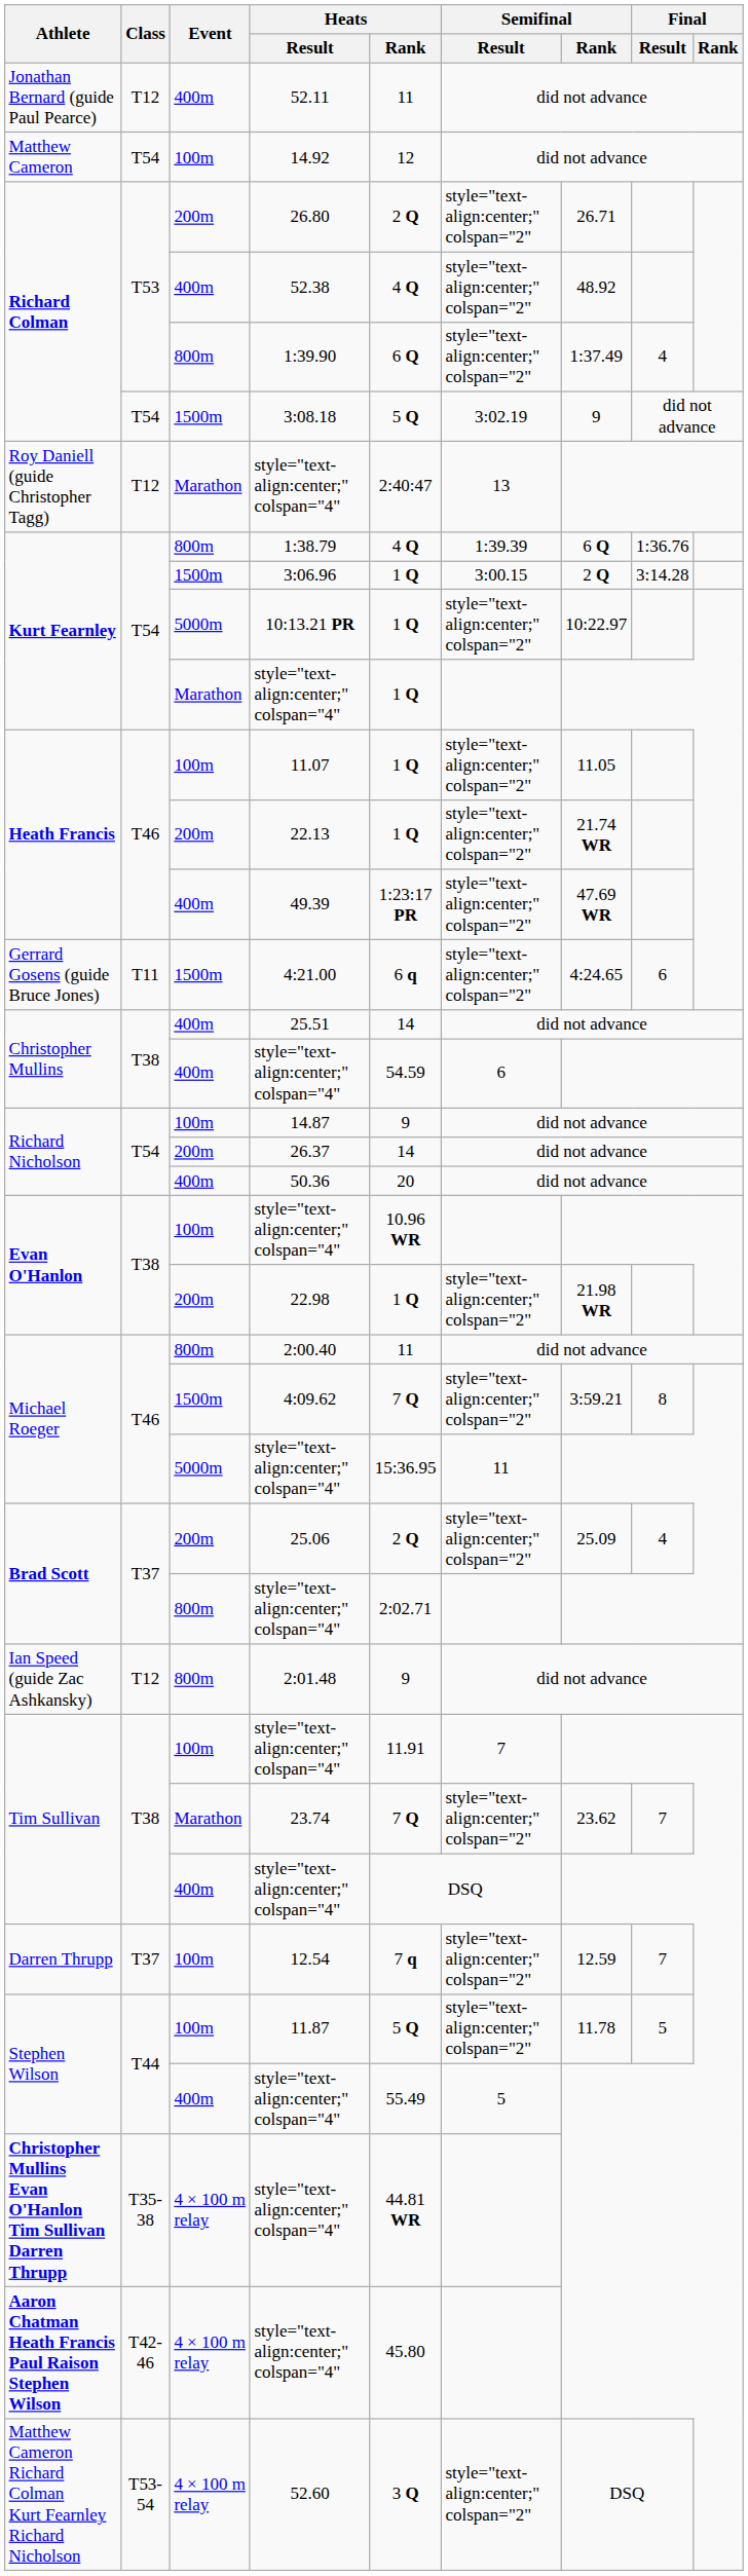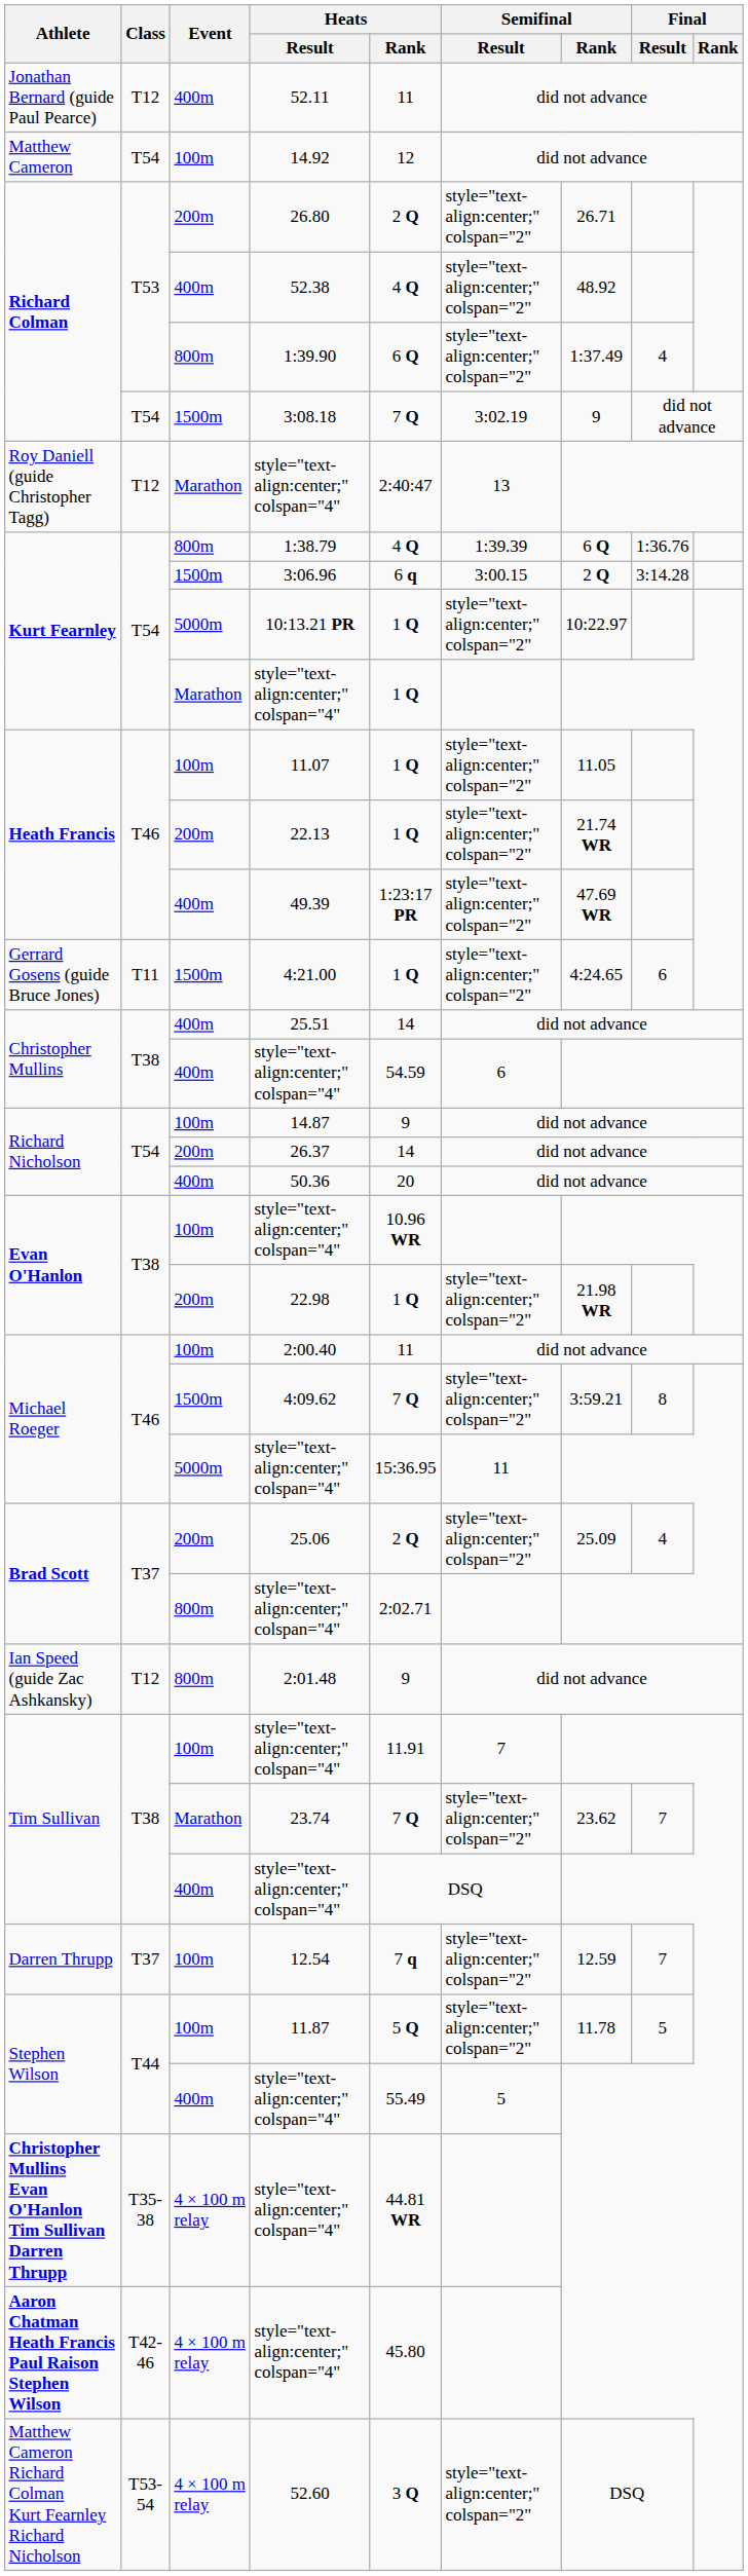 <table class=wikitable style="font-size:90%">
 <tr>
 <th rowspan="2">Athlete</th>
 <th rowspan="2">Class</th>
 <th rowspan="2">Event</th>
 <th colspan="2">Heats</th>
 <th colspan="2">Semifinal</th>
 <th colspan="2">Final</th>
 </tr>
 <tr>
 <th>Result</th>
 <th>Rank</th>
 <th>Result</th>
 <th>Rank</th>
 <th>Result</th>
 <th>Rank</th>
 </tr>
 <tr>
 <td><a href='#'>Jonathan Bernard</a> (guide Paul Pearce)</td>
 <td style="text-align:center;">T12</td>
 <td><a href='#'>400m</a></td>
 <td style="text-align:center;">52.11</td>
 <td style="text-align:center;">11</td>
 <td style="text-align:center;" colspan="4">did not advance</td>
 </tr>
 <tr>
 <td><a href='#'>Matthew Cameron</a></td>
 <td style="text-align:center;">T54</td>
 <td><a href='#'>100m</a></td>
 <td style="text-align:center;">14.92</td>
 <td style="text-align:center;">12</td>
 <td style="text-align:center;" colspan="4">did not advance</td>
 </tr>
 <tr>
 <td rowspan="4"><strong><a href='#'>Richard Colman</a></strong></td>
 <td rowspan="3" style="text-align:center;">T53</td>
 <td><a href='#'>200m</a></td>
 <td style="text-align:center;">26.80</td>
 <td style="text-align:center;">2 <strong>Q</strong></td>
 <td>style="text-align:center;" colspan="2" </td>
 <td style="text-align:center;">26.71</td>
 <td style="text-align:center;"></td>
 </tr>
 <tr>
 <td><a href='#'>400m</a></td>
 <td style="text-align:center;">52.38</td>
 <td style="text-align:center;">4 <strong>Q</strong></td>
 <td>style="text-align:center;" colspan="2" </td>
 <td style="text-align:center;">48.92</td>
 <td style="text-align:center;"></td>
 </tr>
 <tr>
 <td><a href='#'>800m</a></td>
 <td style="text-align:center;">1:39.90</td>
 <td style="text-align:center;">6 <strong>Q</strong></td>
 <td>style="text-align:center;" colspan="2" </td>
 <td style="text-align:center;">1:37.49</td>
 <td style="text-align:center;">4</td>
 </tr>
 <tr>
 <td style="text-align:center;">T54</td>
 <td><a href='#'>1500m</a></td>
 <td style="text-align:center;">3:08.18</td>
-<td style="text-align:center;">5 <strong>Q</strong></td>
+<td style="text-align:center;">7 <strong>Q</strong></td>
 <td style="text-align:center;">3:02.19</td>
 <td style="text-align:center;">9</td>
 <td style="text-align:center;" colspan="2">did not advance</td>
 </tr>
 <tr>
 <td><a href='#'>Roy Daniell</a> (guide Christopher Tagg)</td>
 <td style="text-align:center;">T12</td>
 <td><a href='#'>Marathon</a></td>
 <td>style="text-align:center;" colspan="4" </td>
 <td style="text-align:center;">2:40:47</td>
 <td style="text-align:center;">13</td>
 </tr>
 <tr>
 <td rowspan="4"><strong><a href='#'>Kurt Fearnley</a></strong></td>
 <td rowspan="4" style="text-align:center;">T54</td>
 <td><a href='#'>800m</a></td>
 <td style="text-align:center;">1:38.79</td>
 <td style="text-align:center;">4 <strong>Q</strong></td>
 <td style="text-align:center;">1:39.39</td>
 <td style="text-align:center;">6 <strong>Q</strong></td>
 <td style="text-align:center;">1:36.76</td>
 <td style="text-align:center;"></td>
 </tr>
 <tr>
 <td><a href='#'>1500m</a></td>
 <td style="text-align:center;">3:06.96</td>
-<td style="text-align:center;">1 <strong>Q</strong></td>
+<td style="text-align:center;">6 <strong>q</strong></td>
 <td style="text-align:center;">3:00.15</td>
 <td style="text-align:center;">2 <strong>Q</strong></td>
 <td style="text-align:center;">3:14.28</td>
 <td style="text-align:center;"></td>
 </tr>
 <tr>
 <td><a href='#'>5000m</a></td>
 <td style="text-align:center;">10:13.21 <strong>PR</strong></td>
 <td style="text-align:center;">1 <strong>Q</strong></td>
 <td>style="text-align:center;" colspan="2" </td>
 <td style="text-align:center;">10:22.97</td>
 <td style="text-align:center;"></td>
 </tr>
 <tr>
 <td><a href='#'>Marathon</a></td>
 <td>style="text-align:center;" colspan="4" </td>
 <td style="text-align:center;">1 <strong>Q</strong></td>
 <td style="text-align:center;"></td>
 </tr>
 <tr>
 <td rowspan="3"><strong><a href='#'>Heath Francis</a></strong></td>
 <td rowspan="3" style="text-align:center;">T46</td>
 <td><a href='#'>100m</a></td>
 <td style="text-align:center;">11.07</td>
 <td style="text-align:center;">1 <strong>Q</strong></td>
 <td>style="text-align:center;" colspan="2" </td>
 <td style="text-align:center;">11.05</td>
 <td style="text-align:center;"></td>
 </tr>
 <tr>
 <td><a href='#'>200m</a></td>
 <td style="text-align:center;">22.13</td>
 <td style="text-align:center;">1 <strong>Q</strong></td>
 <td>style="text-align:center;" colspan="2" </td>
 <td style="text-align:center;">21.74 <strong>WR</strong></td>
 <td style="text-align:center;"></td>
 </tr>
 <tr>
 <td><a href='#'>400m</a></td>
 <td style="text-align:center;">49.39</td>
 <td style="text-align:center;">1:23:17 <strong>PR</strong></td>
 <td>style="text-align:center;" colspan="2" </td>
 <td style="text-align:center;">47.69 <strong>WR</strong></td>
 <td style="text-align:center;"></td>
 </tr>
 <tr>
 <td><a href='#'>Gerrard Gosens</a> (guide Bruce Jones)</td>
 <td style="text-align:center;">T11</td>
 <td><a href='#'>1500m</a></td>
 <td style="text-align:center;">4:21.00</td>
-<td style="text-align:center;">6 <strong>q</strong></td>
+<td style="text-align:center;">1 <strong>Q</strong></td>
 <td>style="text-align:center;" colspan="2" </td>
 <td style="text-align:center;">4:24.65</td>
 <td style="text-align:center;">6</td>
 </tr>
 <tr>
 <td rowspan="2"><a href='#'>Christopher Mullins</a></td>
 <td rowspan="2" style="text-align:center;">T38</td>
 <td><a href='#'>400m</a></td>
 <td style="text-align:center;">25.51</td>
 <td style="text-align:center;">14</td>
 <td style="text-align:center;" colspan="4">did not advance</td>
 </tr>
 <tr>
 <td><a href='#'>400m</a></td>
 <td>style="text-align:center;" colspan="4" </td>
 <td style="text-align:center;">54.59</td>
 <td style="text-align:center;">6</td>
 </tr>
 <tr>
 <td rowspan="3"><a href='#'>Richard Nicholson</a></td>
 <td rowspan="3" style="text-align:center;">T54</td>
 <td><a href='#'>100m</a></td>
 <td style="text-align:center;">14.87</td>
 <td style="text-align:center;">9</td>
 <td style="text-align:center;" colspan="4">did not advance</td>
 </tr>
 <tr>
 <td><a href='#'>200m</a></td>
 <td style="text-align:center;">26.37</td>
 <td style="text-align:center;">14</td>
 <td style="text-align:center;" colspan="4">did not advance</td>
 </tr>
 <tr>
 <td><a href='#'>400m</a></td>
 <td style="text-align:center;">50.36</td>
 <td style="text-align:center;">20</td>
 <td style="text-align:center;" colspan="4">did not advance</td>
 </tr>
 <tr>
 <td rowspan="2"><strong><a href='#'>Evan O'Hanlon</a></strong></td>
 <td rowspan="2" style="text-align:center;">T38</td>
 <td><a href='#'>100m</a></td>
 <td>style="text-align:center;" colspan="4" </td>
 <td style="text-align:center;">10.96 <strong>WR</strong></td>
 <td style="text-align:center;"></td>
 </tr>
 <tr>
 <td><a href='#'>200m</a></td>
 <td style="text-align:center;">22.98</td>
 <td style="text-align:center;">1 <strong>Q</strong></td>
 <td>style="text-align:center;" colspan="2" </td>
 <td style="text-align:center;">21.98 <strong>WR</strong></td>
 <td style="text-align:center;"></td>
 </tr>
 <tr>
 <td rowspan="3"><a href='#'>Michael Roeger</a></td>
 <td rowspan="3" style="text-align:center;">T46</td>
-<td><a href='#'>800m</a></td>
+<td><a href='#'>100m</a></td>
 <td style="text-align:center;">2:00.40</td>
 <td style="text-align:center;">11</td>
 <td style="text-align:center;" colspan="4">did not advance</td>
 </tr>
 <tr>
 <td><a href='#'>1500m</a></td>
 <td style="text-align:center;">4:09.62</td>
 <td style="text-align:center;">7 <strong>Q</strong></td>
 <td>style="text-align:center;" colspan="2" </td>
 <td style="text-align:center;">3:59.21</td>
 <td style="text-align:center;">8</td>
 </tr>
 <tr>
 <td><a href='#'>5000m</a></td>
 <td>style="text-align:center;" colspan="4" </td>
 <td style="text-align:center;">15:36.95</td>
 <td style="text-align:center;">11</td>
 </tr>
 <tr>
 <td rowspan="2"><strong><a href='#'>Brad Scott</a></strong></td>
 <td rowspan="2" style="text-align:center;">T37</td>
 <td><a href='#'>200m</a></td>
 <td style="text-align:center;">25.06</td>
 <td style="text-align:center;">2 <strong>Q</strong></td>
 <td>style="text-align:center;" colspan="2" </td>
 <td style="text-align:center;">25.09</td>
 <td style="text-align:center;">4</td>
 </tr>
 <tr>
 <td><a href='#'>800m</a></td>
 <td>style="text-align:center;" colspan="4" </td>
 <td style="text-align:center;">2:02.71</td>
 <td style="text-align:center;"></td>
 </tr>
 <tr>
 <td><a href='#'>Ian Speed</a> (guide Zac Ashkansky)</td>
 <td style="text-align:center;">T12</td>
 <td><a href='#'>800m</a></td>
 <td style="text-align:center;">2:01.48</td>
 <td style="text-align:center;">9</td>
 <td style="text-align:center;" colspan="4">did not advance</td>
 </tr>
 <tr>
 <td rowspan="3"><a href='#'>Tim Sullivan</a></td>
 <td rowspan="3" style="text-align:center;">T38</td>
 <td><a href='#'>100m</a></td>
 <td>style="text-align:center;" colspan="4" </td>
 <td style="text-align:center;">11.91</td>
 <td style="text-align:center;">7</td>
 </tr>
 <tr>
 <td><a href='#'>Marathon</a></td>
 <td style="text-align:center;">23.74</td>
 <td style="text-align:center;">7 <strong>Q</strong></td>
 <td>style="text-align:center;" colspan="2" </td>
 <td style="text-align:center;">23.62</td>
 <td style="text-align:center;">7</td>
 </tr>
 <tr>
 <td><a href='#'>400m</a></td>
 <td>style="text-align:center;" colspan="4" </td>
 <td style="text-align:center;" colspan="2">DSQ</td>
 </tr>
 <tr>
 <td><a href='#'>Darren Thrupp</a></td>
 <td style="text-align:center;">T37</td>
 <td><a href='#'>100m</a></td>
 <td style="text-align:center;">12.54</td>
 <td style="text-align:center;">7 <strong>q</strong></td>
 <td>style="text-align:center;" colspan="2" </td>
 <td style="text-align:center;">12.59</td>
 <td style="text-align:center;">7</td>
 </tr>
 <tr>
 <td rowspan="2"><a href='#'>Stephen Wilson</a></td>
 <td rowspan="2" style="text-align:center;">T44</td>
 <td><a href='#'>100m</a></td>
 <td style="text-align:center;">11.87</td>
 <td style="text-align:center;">5 <strong>Q</strong></td>
 <td>style="text-align:center;" colspan="2" </td>
 <td style="text-align:center;">11.78</td>
 <td style="text-align:center;">5</td>
 </tr>
 <tr>
 <td><a href='#'>400m</a></td>
 <td>style="text-align:center;" colspan="4" </td>
 <td style="text-align:center;">55.49</td>
 <td style="text-align:center;">5</td>
 </tr>
 <tr>
 <td><strong><a href='#'>Christopher Mullins</a></strong><br> <strong><a href='#'>Evan O'Hanlon</a></strong><br> <strong><a href='#'>Tim Sullivan</a></strong><br> <strong><a href='#'>Darren Thrupp</a></strong></td>
 <td style="text-align:center;">T35-38</td>
 <td><a href='#'>4 × 100 m relay</a></td>
 <td>style="text-align:center;" colspan="4" </td>
 <td style="text-align:center;">44.81 <strong>WR</strong></td>
 <td style="text-align:center;"></td>
 </tr>
 <tr>
 <td><strong><a href='#'>Aaron Chatman</a></strong><br> <strong><a href='#'>Heath Francis</a></strong><br> <strong><a href='#'>Paul Raison</a></strong><br> <strong><a href='#'>Stephen Wilson</a></strong></td>
 <td style="text-align:center;">T42-46</td>
 <td><a href='#'>4 × 100 m relay</a></td>
 <td>style="text-align:center;" colspan="4" </td>
 <td style="text-align:center;">45.80</td>
 <td style="text-align:center;"></td>
 </tr>
 <tr>
 <td><a href='#'>Matthew Cameron</a><br> <a href='#'>Richard Colman</a><br> <a href='#'>Kurt Fearnley</a><br> <a href='#'>Richard Nicholson</a></td>
 <td style="text-align:center;">T53-54</td>
 <td><a href='#'>4 × 100 m relay</a></td>
 <td style="text-align:center;">52.60</td>
 <td style="text-align:center;">3 <strong>Q</strong></td>
 <td>style="text-align:center;" colspan="2" </td>
 <td style="text-align:center;" colspan="2">DSQ</td>
 </tr>
 </table>
